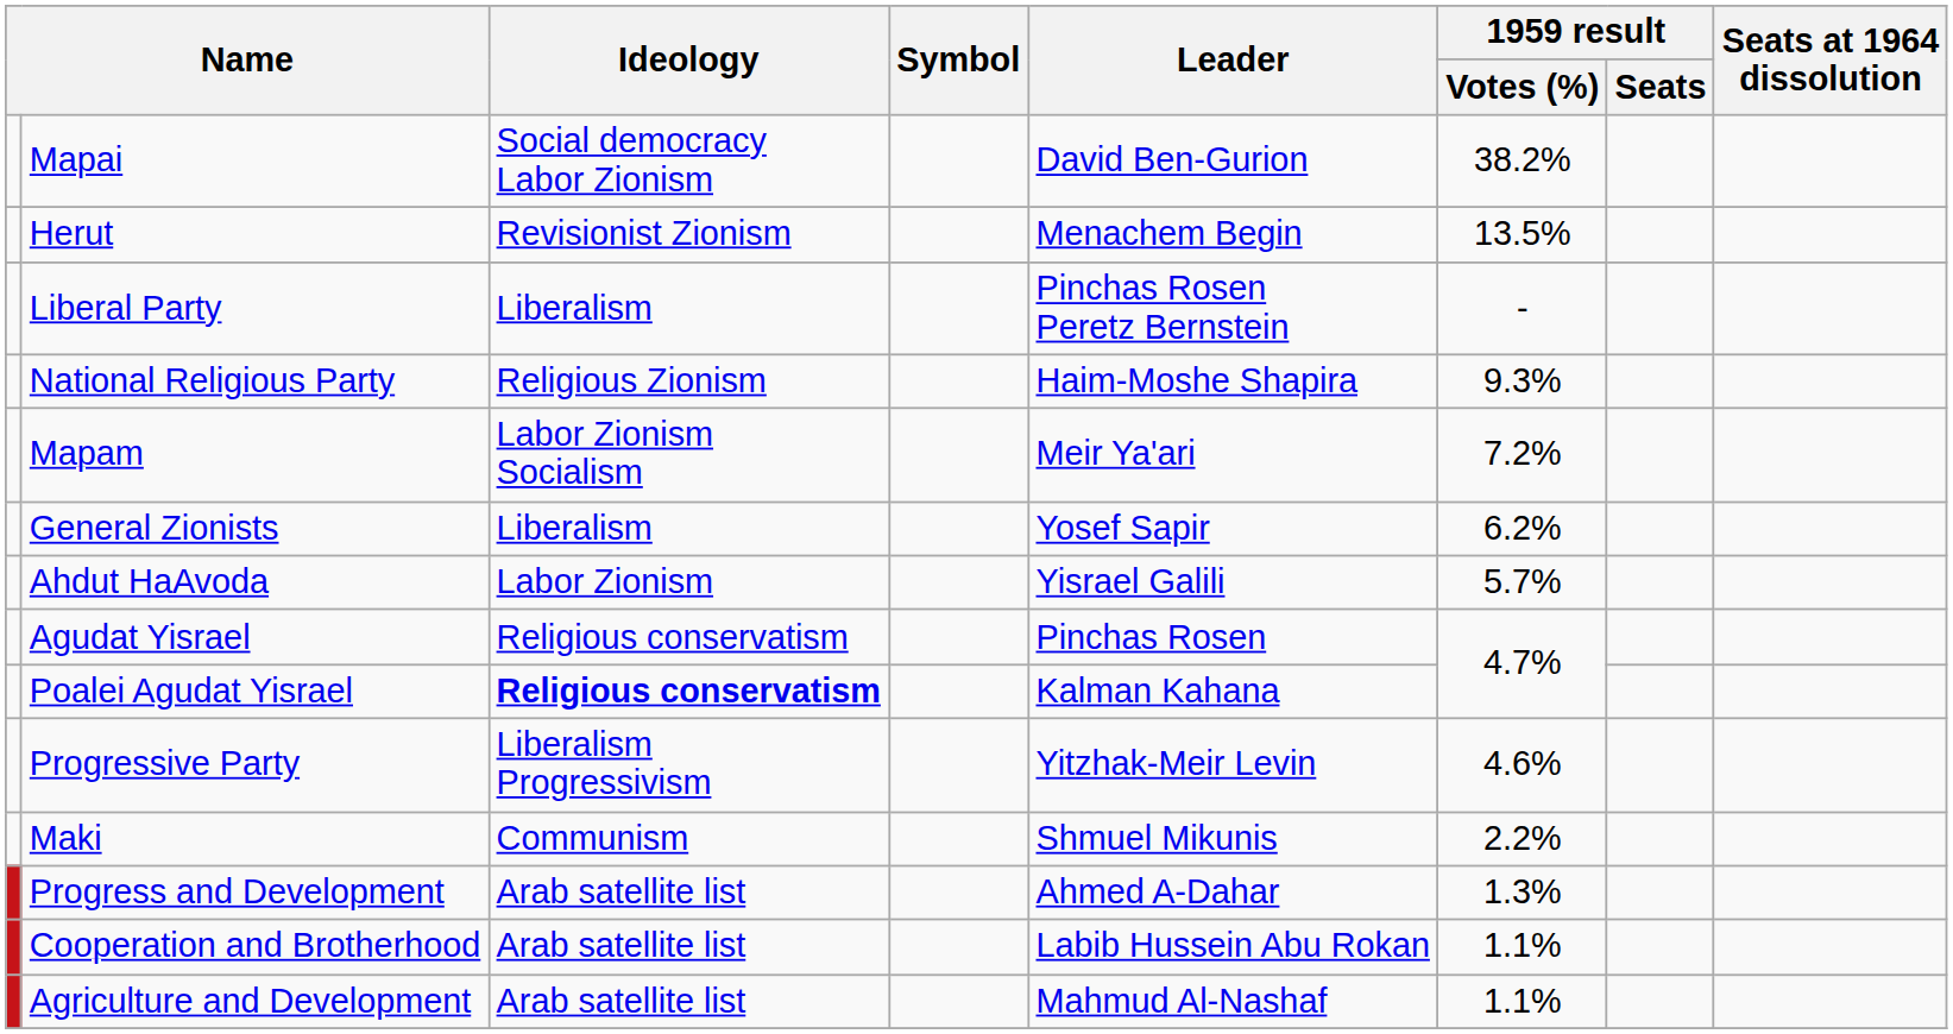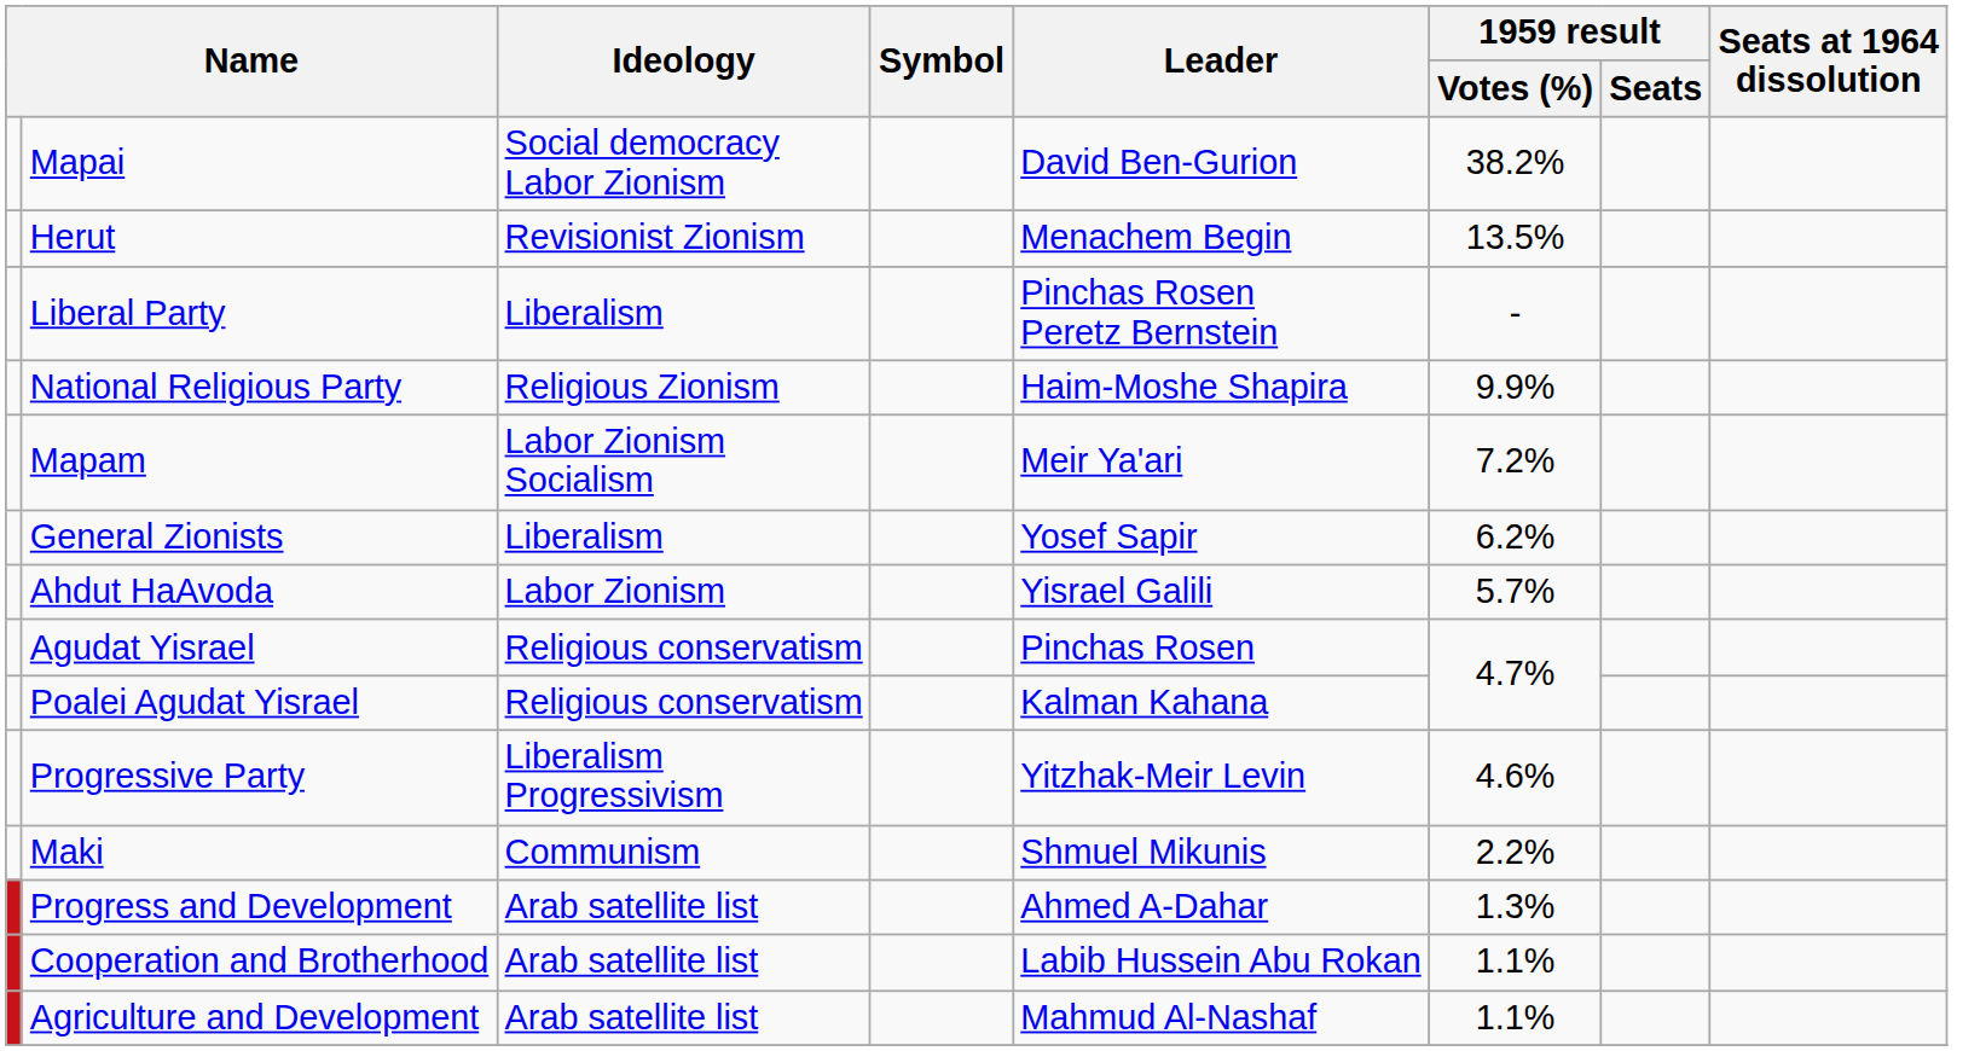 <table class="wikitable">
 <tr>
 <th rowspan="2" colspan=2>Name</th>
 <th rowspan="2">Ideology</th>
 <th rowspan="2">Symbol</th>
 <th rowspan="2">Leader</th>
 <th colspan="2">1959 result</th>
 <th rowspan="2">Seats at 1964<br>dissolution</th>
 </tr>
 <tr>
 <th>Votes (%)</th>
 <th>Seats</th>
 </tr>
 <tr>
 <td style="background:"></td>
 <td><a href='#'>Mapai</a></td>
 <td><a href='#'>Social democracy</a><br><a href='#'>Labor Zionism</a></td>
 <td></td>
 <td><a href='#'>David Ben-Gurion</a></td>
 <td style="text-align:center;">38.2%</td>
 <td></td>
 <td></td>
 </tr>
 <tr>
 <td style="background:"></td>
 <td><a href='#'>Herut</a></td>
 <td><a href='#'>Revisionist Zionism</a></td>
 <td></td>
 <td><a href='#'>Menachem Begin</a></td>
 <td style="text-align:center;" rowspan=1>13.5%</td>
 <td></td>
 <td></td>
 </tr>
 <tr>
 <td style="background:"></td>
 <td><a href='#'>Liberal Party</a></td>
 <td><a href='#'>Liberalism</a></td>
 <td></td>
 <td><a href='#'>Pinchas Rosen</a><br><a href='#'>Peretz Bernstein</a></td>
 <td style="text-align:center;" rowspan=1>-</td>
 <td></td>
 <td></td>
 </tr>
 <tr>
 <td style="background:"></td>
 <td><a href='#'>National Religious Party</a></td>
 <td><a href='#'>Religious Zionism</a></td>
 <td></td>
 <td><a href='#'>Haim-Moshe Shapira</a></td>
-<td style="text-align:center;">9.3%</td>
+<td style="text-align:center;">9.9%</td>
 <td></td>
 <td></td>
 </tr>
 <tr>
 <td style="background:"></td>
 <td><a href='#'>Mapam</a></td>
 <td><a href='#'>Labor Zionism</a><br><a href='#'>Socialism</a></td>
 <td></td>
 <td><a href='#'>Meir Ya'ari</a></td>
 <td style="text-align:center;">7.2%</td>
 <td></td>
 <td></td>
 </tr>
 <tr>
 <td style="background:"></td>
 <td><a href='#'>General Zionists</a></td>
 <td><a href='#'>Liberalism</a></td>
 <td></td>
 <td><a href='#'>Yosef Sapir</a></td>
 <td style="text-align:center;" rowspan=1>6.2%</td>
 <td></td>
 <td></td>
 </tr>
 <tr>
 <td style="background:"></td>
 <td><a href='#'>Ahdut HaAvoda</a></td>
 <td><a href='#'>Labor Zionism</a></td>
 <td></td>
 <td><a href='#'>Yisrael Galili</a></td>
 <td style="text-align:center;">5.7%</td>
 <td></td>
 <td></td>
 </tr>
 <tr>
 <td style="background:"></td>
 <td><a href='#'>Agudat Yisrael</a></td>
 <td><a href='#'>Religious conservatism</a></td>
 <td></td>
 <td><a href='#'>Pinchas Rosen</a></td>
 <td style="text-align:center;"rowspan=2>4.7%</td>
 <td></td>
 <td></td>
 </tr>
 <tr>
 <td style="background:"></td>
 <td><a href='#'>Poalei Agudat Yisrael</a></td>
-<td><strong><a href='#'>Religious conservatism</a></strong></td>
+<td><a href='#'>Religious conservatism</a></td>
 <td></td>
 <td><a href='#'>Kalman Kahana</a></td>
 <td></td>
 <td></td>
 </tr>
 <tr>
 <td style="background:"></td>
 <td><a href='#'>Progressive Party</a></td>
 <td><a href='#'>Liberalism</a><br><a href='#'>Progressivism</a></td>
 <td></td>
 <td><a href='#'>Yitzhak-Meir Levin</a></td>
 <td style="text-align:center;" rowspan=1>4.6%</td>
 <td></td>
 <td></td>
 </tr>
 <tr>
 <td style="background:"></td>
 <td><a href='#'>Maki</a></td>
 <td><a href='#'>Communism</a></td>
 <td></td>
 <td><a href='#'>Shmuel Mikunis</a></td>
 <td style="text-align:center;">2.2%</td>
 <td></td>
 <td></td>
 </tr>
 <tr>
 <td style="background:#C61318;"></td>
 <td><a href='#'>Progress and Development</a></td>
 <td><a href='#'>Arab satellite list</a></td>
 <td></td>
 <td><a href='#'>Ahmed A-Dahar</a></td>
 <td style="text-align:center;">1.3%</td>
 <td></td>
 <td></td>
 </tr>
 <tr>
 <td style="background:#C61318;"></td>
 <td><a href='#'>Cooperation and Brotherhood</a></td>
 <td><a href='#'>Arab satellite list</a></td>
 <td></td>
 <td><a href='#'>Labib Hussein Abu Rokan</a></td>
 <td style="text-align:center;">1.1%</td>
 <td></td>
 <td></td>
 </tr>
 <tr>
 <td style="background:#C61318;"></td>
 <td><a href='#'>Agriculture and Development</a></td>
 <td><a href='#'>Arab satellite list</a></td>
 <td></td>
 <td><a href='#'>Mahmud Al-Nashaf</a></td>
 <td style="text-align:center;">1.1%</td>
 <td></td>
 <td></td>
 </tr>
 <tr>
 </tr>
 </table>
